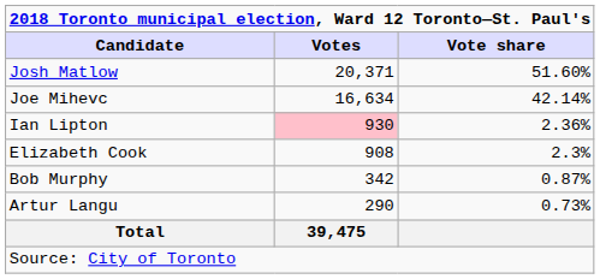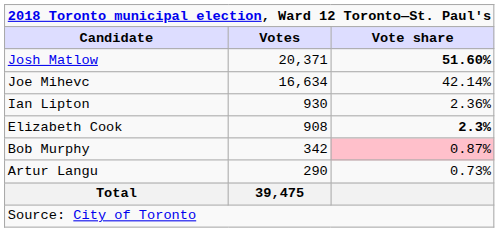 <table class="wikitable plainrowheaders">
 <tr>
 <td colspan="3"><strong><a href='#'>2018 Toronto municipal election</a>, Ward 12 Toronto—St. Paul's</strong></td>
 </tr>
 <tr>
 <th scope="col" style="background:#ddf;">Candidate</th>
 <th scope="col" style="background:#ddf;">Votes</th>
 <th scope="col" style="background:#ddf;">Vote share</th>
 </tr>
 <tr>
 <td scope="row"><a href='#'>Josh Matlow</a></td>
 <td align="right">20,371</td>
-<td align="right">51.60%</td>
+<td align="right"><strong>51.60%</strong></td>
 </tr>
 <tr>
 <td scope="row">Joe Mihevc</td>
 <td align="right">16,634</td>
 <td align="right">42.14%</td>
 </tr>
 <tr>
 <td scope="row">Ian Lipton</td>
-<td align="right" style="background: pink;">930</td>
+<td align="right">930</td>
 <td align="right">2.36%</td>
 </tr>
 <tr>
 <td scope="row">Elizabeth Cook</td>
 <td align="right">908</td>
-<td align="right">2.3%</td>
+<td align="right"><strong>2.3%</strong></td>
 </tr>
 <tr>
 <td scope="row">Bob Murphy</td>
 <td align="right">342</td>
-<td align="right">0.87%</td>
+<td align="right" style="background: pink;">0.87%</td>
 </tr>
 <tr>
 <td scope="row">Artur Langu</td>
 <td align="right">290</td>
 <td align="right">0.73%</td>
 </tr>
 <tr>
 <th scope="row"><strong>Total</strong></th>
 <th align="right">39,475</th>
 <th align="right"></th>
 </tr>
 <tr>
 <td colspan="3">Source: <a href='#'>City of Toronto</a></td>
 </tr>
 </table>
